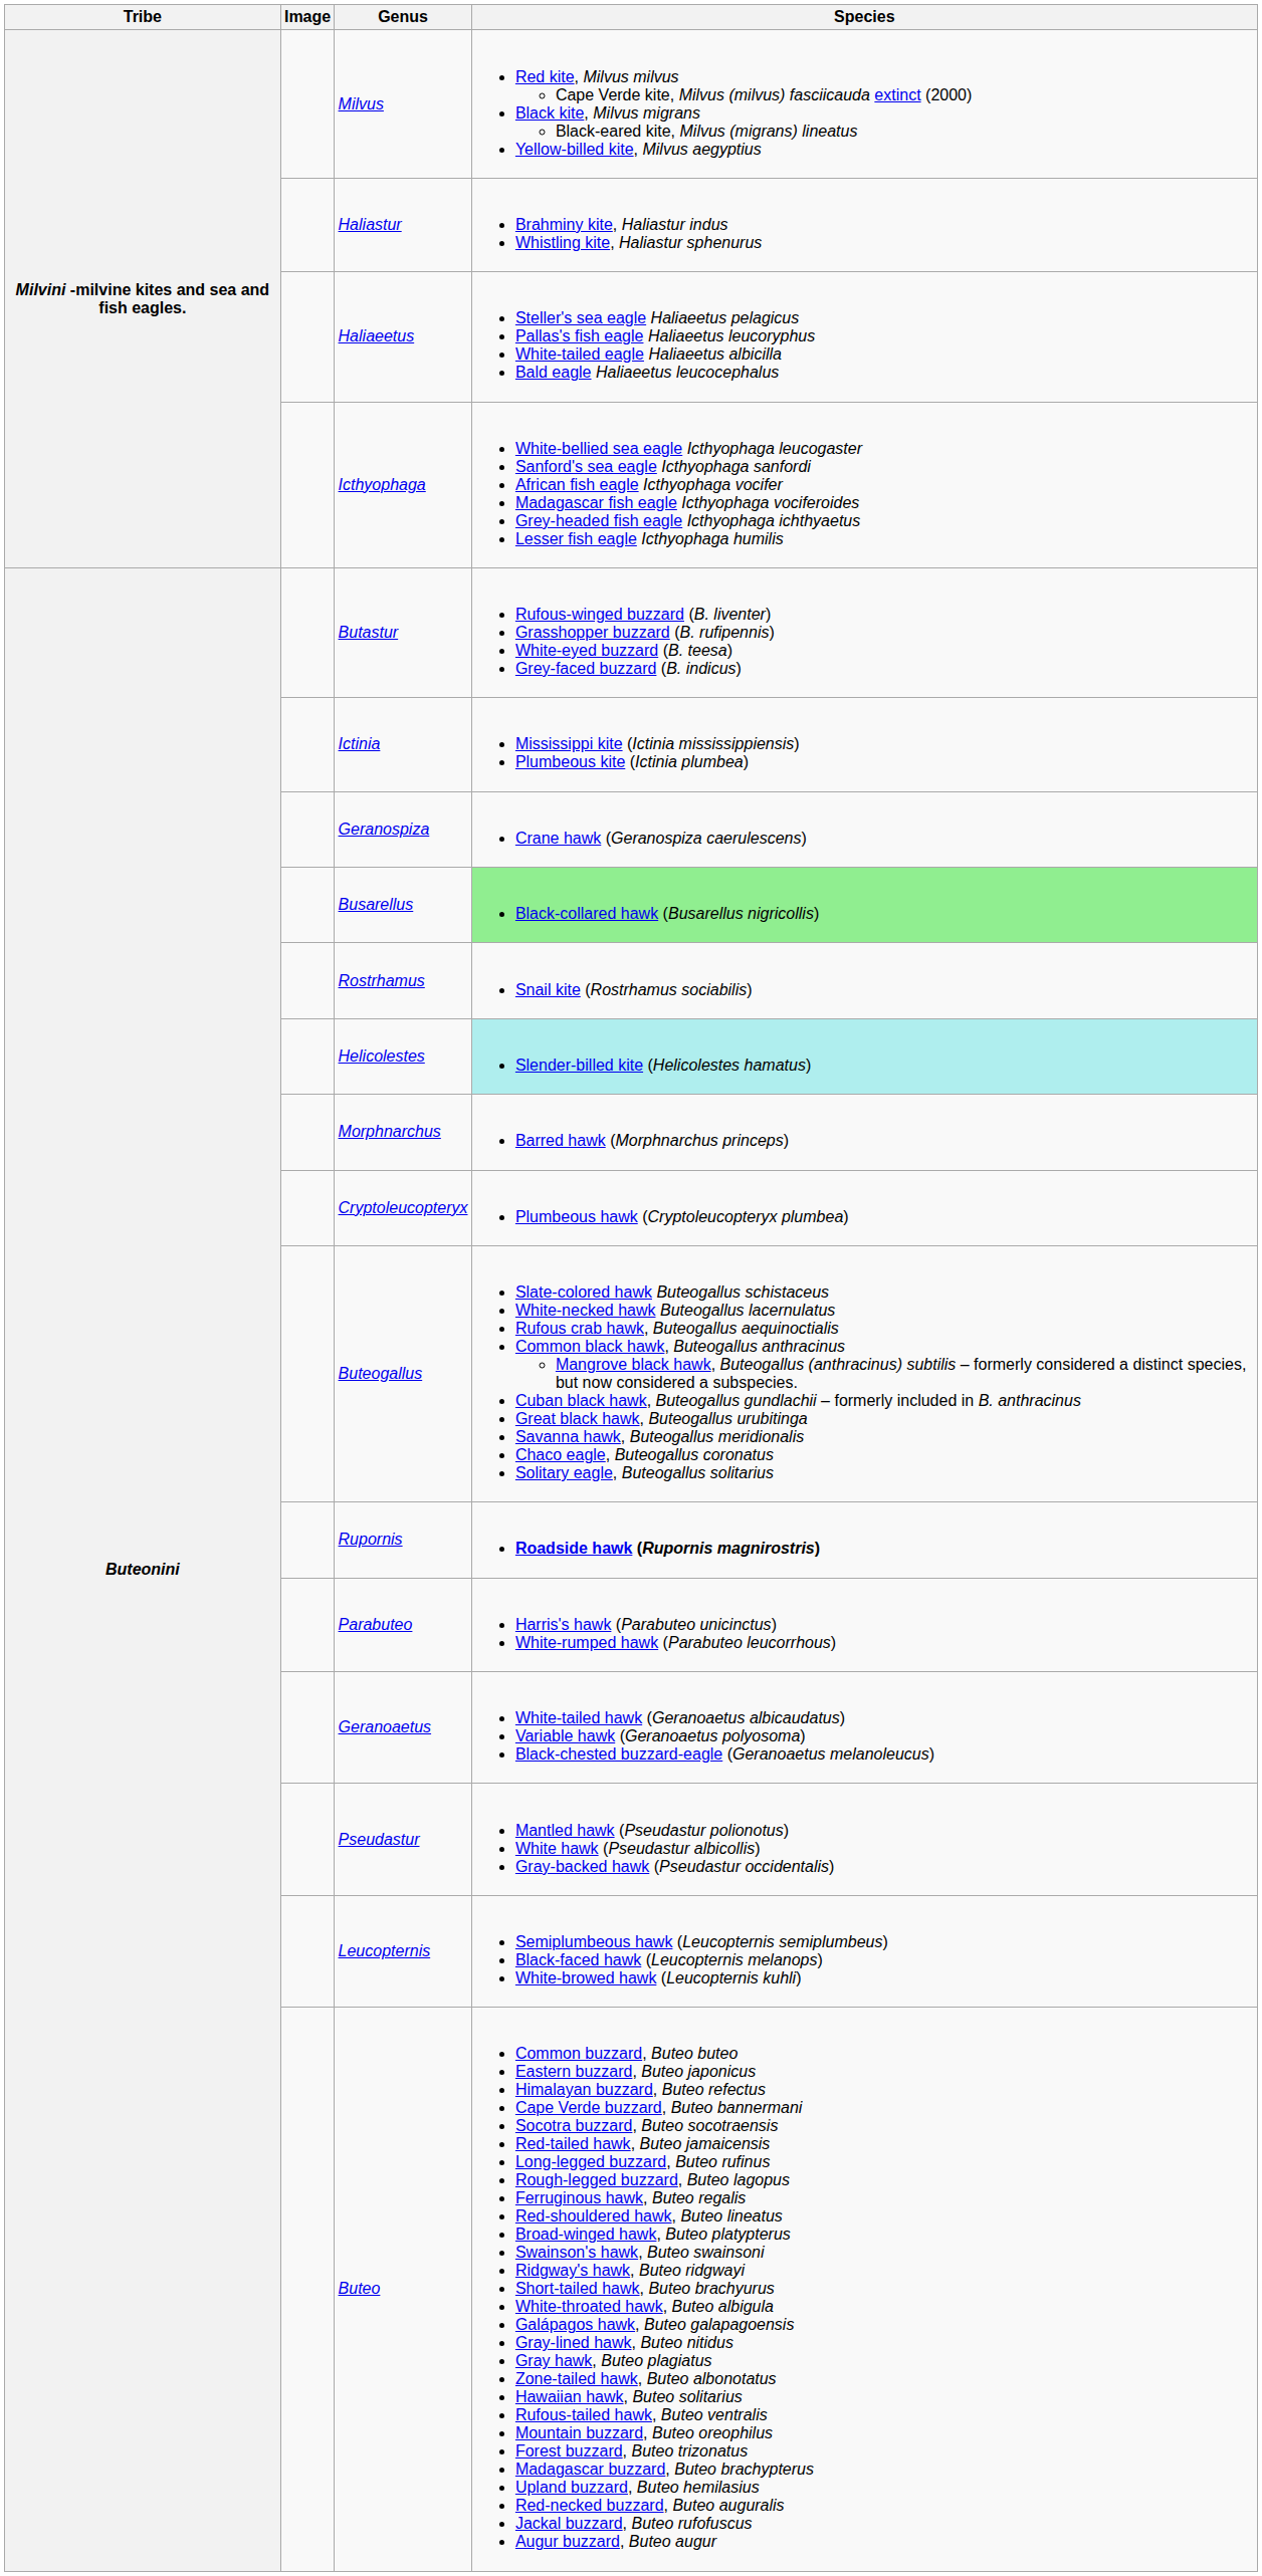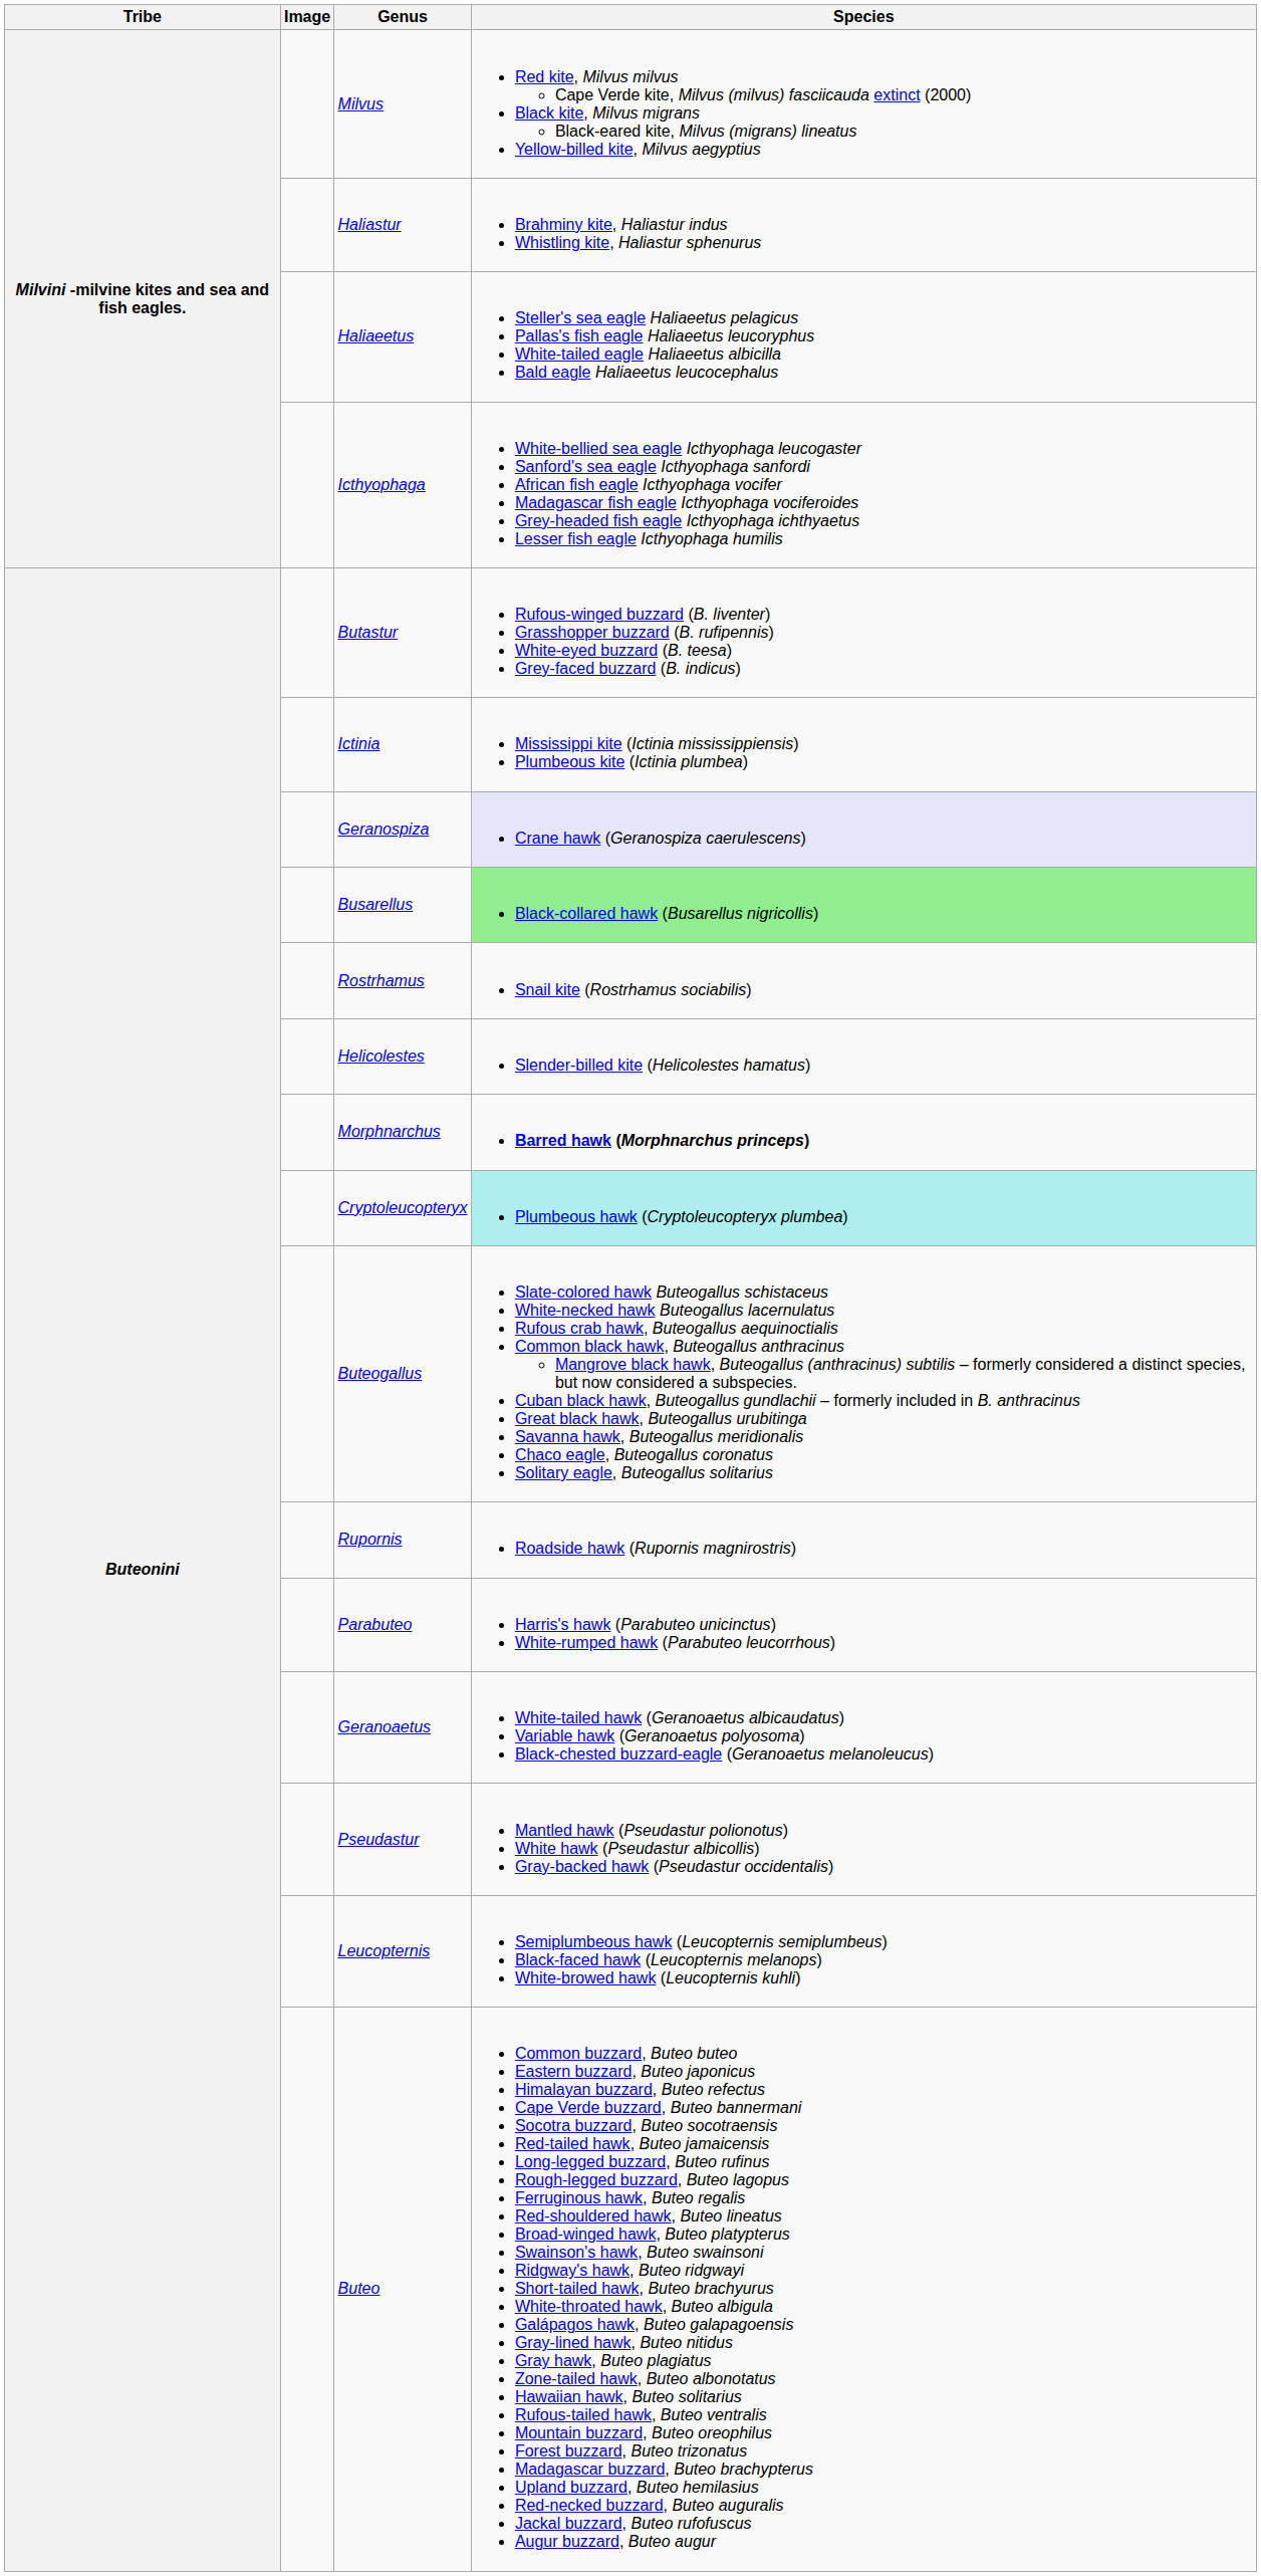 <table class="wikitable">
 <tr>
 <th>Tribe</th>
 <th>Image</th>
 <th>Genus</th>
 <th>Species</th>
 </tr>
 <tr>
 <th rowspan="4" style="text-align:center;"><em>Milvini</em> -milvine kites and sea and fish eagles.</th>
 <td></td>
 <td><em><a href='#'>Milvus</a></em> </td>
 <td><br><ul><li><a href='#'>Red kite</a>, <em>Milvus milvus</em><ul><li>Cape Verde kite, <em>Milvus (milvus) fasciicauda</em> <a href='#'>extinct</a> (2000)</li></ul></li><li><a href='#'>Black kite</a>, <em>Milvus migrans</em><ul><li>Black-eared kite, <em>Milvus (migrans) lineatus</em></li></ul></li><li><a href='#'>Yellow-billed kite</a>, <em>Milvus aegyptius</em></li></ul></td>
 </tr>
 <tr>
 <td></td>
 <td><em><a href='#'>Haliastur</a></em> </td>
 <td><br><ul><li><a href='#'>Brahminy kite</a>, <em>Haliastur indus</em></li><li><a href='#'>Whistling kite</a>, <em>Haliastur sphenurus</em></li></ul></td>
 </tr>
 <tr>
 <td></td>
 <td><em><a href='#'>Haliaeetus</a></em> </td>
 <td><br><ul><li><a href='#'>Steller's sea eagle</a> <em>Haliaeetus pelagicus</em></li><li><a href='#'>Pallas's fish eagle</a> <em>Haliaeetus leucoryphus</em></li><li><a href='#'>White-tailed eagle</a> <em>Haliaeetus albicilla</em></li><li><a href='#'>Bald eagle</a> <em>Haliaeetus leucocephalus</em></li></ul></td>
 </tr>
 <tr>
 <td></td>
 <td><em><a href='#'>Icthyophaga</a></em> </td>
 <td><br><ul><li><a href='#'>White-bellied sea eagle</a> <em>Icthyophaga leucogaster</em></li><li><a href='#'>Sanford's sea eagle</a> <em>Icthyophaga sanfordi</em></li><li><a href='#'>African fish eagle</a> <em>Icthyophaga vocifer</em></li><li><a href='#'>Madagascar fish eagle</a> <em>Icthyophaga vociferoides</em></li><li><a href='#'>Grey-headed fish eagle</a> <em>Icthyophaga ichthyaetus</em></li><li><a href='#'>Lesser fish eagle</a> <em>Icthyophaga humilis</em></li></ul></td>
 </tr>
 <tr>
 <th rowspan="15" style="text-align:center;"><em>Buteonini</em>  </th>
 <td></td>
 <td><em><a href='#'>Butastur</a></em> </td>
 <td><br><ul><li><a href='#'>Rufous-winged buzzard</a> (<em>B. liventer</em>)</li><li><a href='#'>Grasshopper buzzard</a> (<em>B. rufipennis</em>)</li><li><a href='#'>White-eyed buzzard</a> (<em>B. teesa</em>)</li><li><a href='#'>Grey-faced buzzard</a> (<em>B. indicus</em>)</li></ul></td>
 </tr>
 <tr>
 <td></td>
 <td><em><a href='#'>Ictinia</a></em>  </td>
 <td><br><ul><li><a href='#'>Mississippi kite</a> (<em>Ictinia mississippiensis</em>)</li><li><a href='#'>Plumbeous kite</a> (<em>Ictinia plumbea</em>)</li></ul></td>
 </tr>
 <tr>
 <td></td>
 <td><em><a href='#'>Geranospiza</a></em>  </td>
-<td><br><ul><li><a href='#'>Crane hawk</a> (<em>Geranospiza caerulescens</em>)</li></ul></td>
+<td style="background: lavender;"><br><ul><li><a href='#'>Crane hawk</a> (<em>Geranospiza caerulescens</em>)</li></ul></td>
 </tr>
 <tr>
 <td></td>
 <td><em><a href='#'>Busarellus</a></em>  </td>
 <td style="background: lightgreen;"><br><ul><li><a href='#'>Black-collared hawk</a> (<em>Busarellus nigricollis</em>)</li></ul></td>
 </tr>
 <tr>
 <td></td>
 <td><em><a href='#'>Rostrhamus</a></em>  </td>
 <td><br><ul><li><a href='#'>Snail kite</a> (<em>Rostrhamus sociabilis</em>)</li></ul></td>
 </tr>
 <tr>
 <td></td>
 <td><em><a href='#'>Helicolestes</a></em>  </td>
-<td style="background: paleturquoise;"><br><ul><li><a href='#'>Slender-billed kite</a> (<em>Helicolestes hamatus</em>)</li></ul></td>
+<td><br><ul><li><a href='#'>Slender-billed kite</a> (<em>Helicolestes hamatus</em>)</li></ul></td>
 </tr>
 <tr>
 <td></td>
 <td><em><a href='#'>Morphnarchus</a></em>  </td>
-<td><br><ul><li><a href='#'>Barred hawk</a> (<em>Morphnarchus princeps</em>)</li></ul></td>
+<td><strong><br><ul><li><a href='#'>Barred hawk</a> (<em>Morphnarchus princeps</em>)</li></ul></strong></td>
 </tr>
 <tr>
 <td></td>
 <td><em><a href='#'>Cryptoleucopteryx</a></em>   </td>
-<td><br><ul><li><a href='#'>Plumbeous hawk</a> (<em>Cryptoleucopteryx plumbea</em>)</li></ul></td>
+<td style="background: paleturquoise;"><br><ul><li><a href='#'>Plumbeous hawk</a> (<em>Cryptoleucopteryx plumbea</em>)</li></ul></td>
 </tr>
 <tr>
 <td></td>
 <td><em><a href='#'>Buteogallus</a></em>  </td>
 <td><br><ul><li><a href='#'>Slate-colored hawk</a> <em>Buteogallus schistaceus</em></li><li><a href='#'>White-necked hawk</a> <em>Buteogallus lacernulatus</em></li><li><a href='#'>Rufous crab hawk</a>, <em>Buteogallus aequinoctialis</em></li><li><a href='#'>Common black hawk</a>, <em>Buteogallus anthracinus</em><ul><li><a href='#'>Mangrove black hawk</a>, <em>Buteogallus (anthracinus) subtilis</em> – formerly considered a distinct species, but now considered a subspecies.</li></ul></li><li><a href='#'>Cuban black hawk</a>, <em>Buteogallus gundlachii</em> – formerly included in <em>B. anthracinus</em></li><li><a href='#'>Great black hawk</a>, <em>Buteogallus urubitinga</em></li><li><a href='#'>Savanna hawk</a>, <em>Buteogallus meridionalis</em></li><li><a href='#'>Chaco eagle</a>, <em>Buteogallus coronatus</em></li><li><a href='#'>Solitary eagle</a>, <em>Buteogallus solitarius</em></li></ul></td>
 </tr>
 <tr>
 <td></td>
 <td><em><a href='#'>Rupornis</a></em>  </td>
-<td><strong><br><ul><li><a href='#'>Roadside hawk</a> (<em>Rupornis magnirostris</em>)</li></ul></strong></td>
+<td><br><ul><li><a href='#'>Roadside hawk</a> (<em>Rupornis magnirostris</em>)</li></ul></td>
 </tr>
 <tr>
 <td></td>
 <td><em><a href='#'>Parabuteo</a></em>  </td>
 <td><br><ul><li><a href='#'>Harris's hawk</a> (<em>Parabuteo unicinctus</em>)</li><li><a href='#'>White-rumped hawk</a> (<em>Parabuteo leucorrhous</em>)</li></ul></td>
 </tr>
 <tr>
 <td></td>
 <td><em><a href='#'>Geranoaetus</a></em> </td>
 <td><br><ul><li><a href='#'>White-tailed hawk</a> (<em>Geranoaetus albicaudatus</em>)</li><li><a href='#'>Variable hawk</a> (<em>Geranoaetus polyosoma</em>)</li><li><a href='#'>Black-chested buzzard-eagle</a> (<em>Geranoaetus melanoleucus</em>)</li></ul></td>
 </tr>
 <tr>
 <td></td>
 <td><em><a href='#'>Pseudastur</a></em>  </td>
 <td><br><ul><li><a href='#'>Mantled hawk</a> (<em>Pseudastur polionotus</em>)</li><li><a href='#'>White hawk</a> (<em>Pseudastur albicollis</em>)</li><li><a href='#'>Gray-backed hawk</a> (<em>Pseudastur occidentalis</em>)</li></ul></td>
 </tr>
 <tr>
 <td></td>
 <td><em><a href='#'>Leucopternis</a></em>  </td>
 <td><br><ul><li><a href='#'>Semiplumbeous hawk</a> (<em>Leucopternis semiplumbeus</em>)</li><li><a href='#'>Black-faced hawk</a> (<em>Leucopternis melanops</em>)</li><li><a href='#'>White-browed hawk</a> (<em>Leucopternis kuhli</em>)</li></ul></td>
 </tr>
 <tr>
 <td></td>
 <td><em><a href='#'>Buteo</a></em>  </td>
 <td><br><ul><li><a href='#'>Common buzzard</a>, <em>Buteo buteo</em></li><li><a href='#'>Eastern buzzard</a>, <em>Buteo japonicus</em></li><li><a href='#'>Himalayan buzzard</a>, <em>Buteo refectus</em></li><li><a href='#'>Cape Verde buzzard</a>, <em>Buteo bannermani</em></li><li><a href='#'>Socotra buzzard</a>, <em>Buteo socotraensis</em></li><li><a href='#'>Red-tailed hawk</a>, <em>Buteo jamaicensis</em></li><li><a href='#'>Long-legged buzzard</a>, <em>Buteo rufinus</em></li><li><a href='#'>Rough-legged buzzard</a>, <em>Buteo lagopus</em></li><li><a href='#'>Ferruginous hawk</a>, <em>Buteo regalis</em></li><li><a href='#'>Red-shouldered hawk</a>, <em>Buteo lineatus</em></li><li><a href='#'>Broad-winged hawk</a>, <em>Buteo platypterus</em></li><li><a href='#'>Swainson's hawk</a>, <em>Buteo swainsoni</em></li><li><a href='#'>Ridgway's hawk</a>, <em>Buteo ridgwayi</em></li><li><a href='#'>Short-tailed hawk</a>, <em>Buteo brachyurus</em></li><li><a href='#'>White-throated hawk</a>, <em>Buteo albigula</em></li><li><a href='#'>Galápagos hawk</a>, <em>Buteo galapagoensis</em></li><li><a href='#'>Gray-lined hawk</a>, <em>Buteo nitidus</em></li><li><a href='#'>Gray hawk</a>, <em>Buteo plagiatus</em></li><li><a href='#'>Zone-tailed hawk</a>, <em>Buteo albonotatus</em></li><li><a href='#'>Hawaiian hawk</a>, <em>Buteo solitarius</em></li><li><a href='#'>Rufous-tailed hawk</a>, <em>Buteo ventralis</em></li><li><a href='#'>Mountain buzzard</a>, <em>Buteo oreophilus</em></li><li><a href='#'>Forest buzzard</a>, <em>Buteo trizonatus</em></li><li><a href='#'>Madagascar buzzard</a>, <em>Buteo brachypterus</em></li><li><a href='#'>Upland buzzard</a>, <em>Buteo hemilasius</em></li><li><a href='#'>Red-necked buzzard</a>, <em>Buteo auguralis</em></li><li><a href='#'>Jackal buzzard</a>, <em>Buteo rufofuscus</em></li><li><a href='#'>Augur buzzard</a>, <em>Buteo augur</em></li></ul></td>
 </tr>
 <tr>
 </tr>
 </table>
